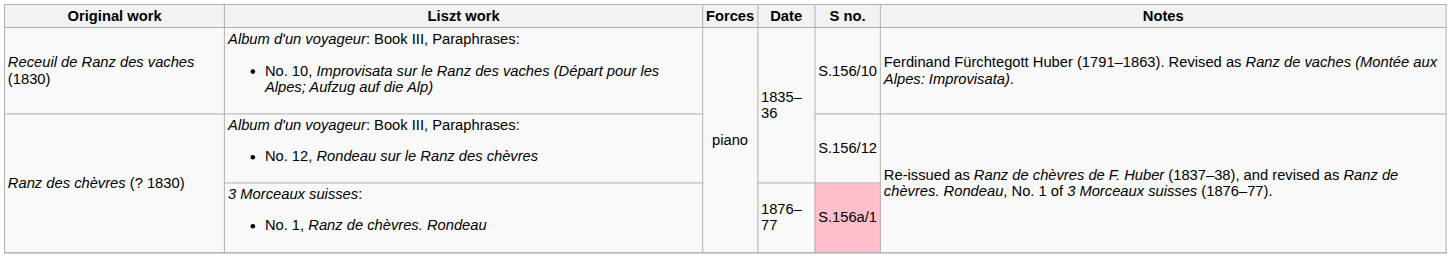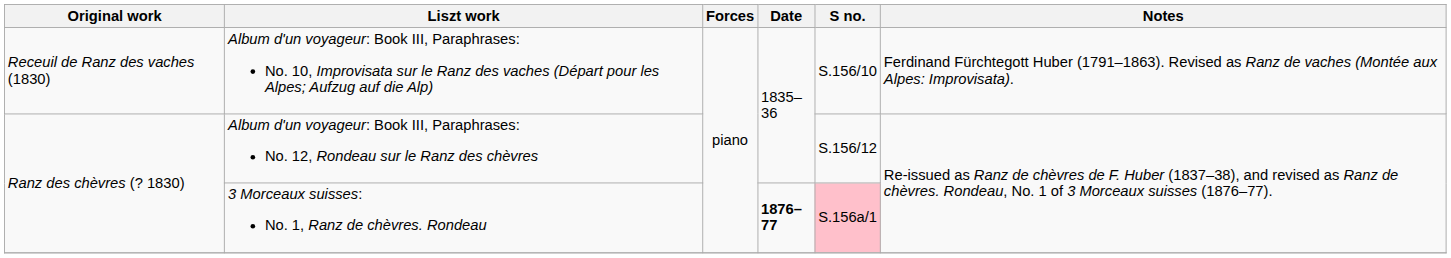 <table class="wikitable">
 <tr>
 <th>Original work</th>
 <th>Liszt work</th>
 <th>Forces</th>
 <th>Date</th>
 <th>S no.</th>
 <th>Notes</th>
 </tr>
 <tr>
 <td><em>Receuil de Ranz des vaches</em> (1830)</td>
 <td><em>Album d'un voyageur</em>: Book III, Paraphrases:<br><ul><li>No. 10, <em>Improvisata sur le Ranz des vaches (Départ pour les Alpes; Aufzug auf die Alp)</em></li></ul></td>
 <td rowspan=3 style="text-align: center">piano</td>
 <td rowspan=2>1835–36</td>
 <td>S.156/10</td>
 <td>Ferdinand Fürchtegott Huber (1791–1863).  Revised as <em>Ranz de vaches (Montée aux Alpes: Improvisata)</em>.</td>
 </tr>
 <tr>
 <td rowspan=2><em>Ranz des chèvres</em> (? 1830)</td>
 <td><em>Album d'un voyageur</em>: Book III, Paraphrases:<br><ul><li>No. 12, <em>Rondeau sur le Ranz des chèvres</em></li></ul></td>
 <td>S.156/12</td>
 <td rowspan=2>Re-issued as <em>Ranz de chèvres de F. Huber</em> (1837–38), and revised as <em>Ranz de chèvres. Rondeau</em>, No. 1 of <em>3 Morceaux suisses</em> (1876–77).</td>
 </tr>
 <tr>
 <td><em>3 Morceaux suisses</em>:<br><ul><li>No. 1, <em>Ranz de chèvres. Rondeau</em></li></ul></td>
-<td>1876–77</td>
+<td><strong>1876–77</strong></td>
 <td style="background: pink;">S.156a/1</td>
 </tr>
 <tr>
 </tr>
 </table>
